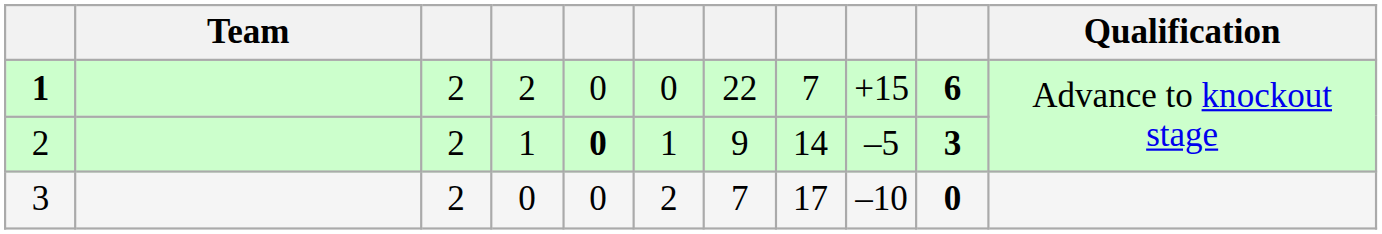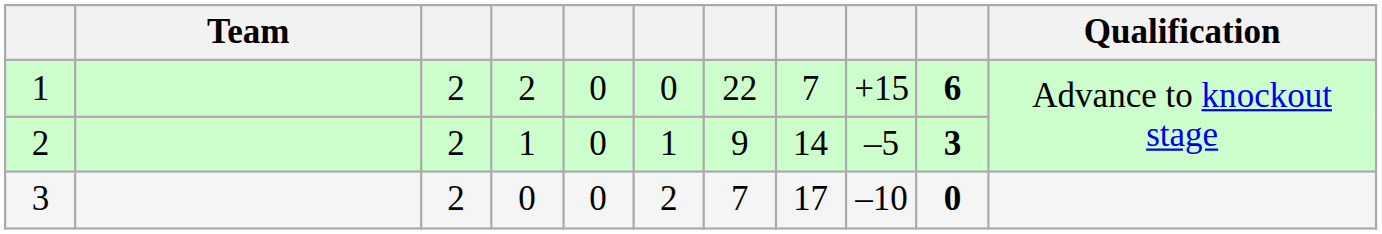 <table class="wikitable" style="text-align: center;">
 <tr>
 <th width="25"></th>
 <th width="150">Team</th>
 <th width="25"></th>
 <th width="25"></th>
 <th width="25"></th>
 <th width="25"></th>
 <th width="25"></th>
 <th width="25"></th>
 <th width="25"></th>
 <th width="25"></th>
 <th width="170">Qualification</th>
 </tr>
 <tr align=center style="background:#ccffcc;">
-<td><strong>1</strong></td>
+<td>1</td>
 <td style="text-align:left;"></td>
 <td>2</td>
 <td>2</td>
 <td>0</td>
 <td>0</td>
 <td>22</td>
 <td>7</td>
 <td>+15</td>
 <td><strong>6</strong></td>
 <td rowspan="2">Advance to <a href='#'>knockout stage</a></td>
 </tr>
 <tr align=center style="background:#ccffcc;">
 <td>2</td>
 <td style="text-align:left;"></td>
 <td>2</td>
 <td>1</td>
-<td><strong>0</strong></td>
+<td>0</td>
 <td>1</td>
 <td>9</td>
 <td>14</td>
 <td>–5</td>
 <td><strong>3</strong></td>
 </tr>
 <tr align=center style="background:#f5f5f5;">
 <td>3</td>
 <td style="text-align:left;"></td>
 <td>2</td>
 <td>0</td>
 <td>0</td>
 <td>2</td>
 <td>7</td>
 <td>17</td>
 <td>–10</td>
 <td><strong>0</strong></td>
 <td></td>
 </tr>
 </table>
